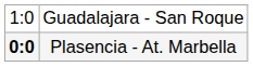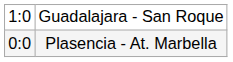 <table class="wikitable">
 <tr align=center bgcolor=white>
 <td>1:0</td>
 <td>Guadalajara - San Roque</td>
 </tr>
 <tr align=center bgcolor=#F5F5F5>
-<td><strong>0:0</strong></td>
+<td>0:0</td>
 <td>Plasencia - At. Marbella</td>
 </tr>
 </table>
